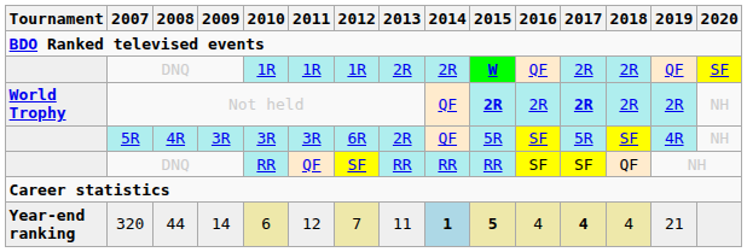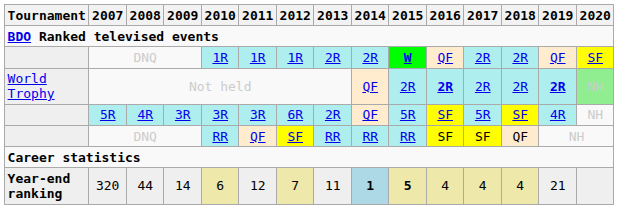 <table class="wikitable" style="width:50%; margin:0">
 <tr>
 <th>Tournament</th>
 <th>2007</th>
 <th>2008</th>
 <th>2009</th>
 <th>2010</th>
 <th>2011</th>
 <th>2012</th>
 <th>2013</th>
 <th>2014</th>
 <th>2015</th>
 <th>2016</th>
 <th>2017</th>
 <th>2018</th>
 <th>2019</th>
 <th>2020</th>
 </tr>
 <tr>
 <td colspan="31" align="left"><strong><a href='#'>BDO</a> Ranked televised events</strong></td>
 </tr>
 <tr>
 <td style="background:#efefef;"></td>
 <td colspan="3" style="text-align:center; color:#ccc;">DNQ</td>
 <td style="text-align:center; background:#afeeee;"><a href='#'>1R</a></td>
 <td style="text-align:center; background:#afeeee;"><a href='#'>1R</a></td>
 <td style="text-align:center; background:#afeeee;"><a href='#'>1R</a></td>
 <td style="text-align:center; background:#afeeee;"><a href='#'>2R</a></td>
 <td style="text-align:center; background:#afeeee;"><a href='#'>2R</a></td>
 <td style="text-align:center; background:lime;"><a href='#'><strong>W</strong></a></td>
 <td style="text-align:center; background:#ffebcd;"><a href='#'>QF</a></td>
 <td style="text-align:center; background:#afeeee;"><a href='#'>2R</a></td>
 <td style="text-align:center; background:#afeeee;"><a href='#'>2R</a></td>
 <td style="text-align:center; background:#ffebcd;"><a href='#'>QF</a></td>
 <td style="text-align:center; background:yellow;"><a href='#'>SF</a></td>
 </tr>
 <tr>
-<td style="background:#efefef;"><strong><a href='#'>World Trophy</a></strong></td>
+<td style="background:#efefef;"><a href='#'>World Trophy</a></td>
 <td colspan="7" style="text-align:center; color:#ccc;">Not held</td>
 <td style="text-align:center; background:#ffebcd;"><a href='#'>QF</a></td>
-<td style="text-align:center; background:#afeeee;"><strong><a href='#'>2R</a></strong></td>
 <td style="text-align:center; background:#afeeee;"><a href='#'>2R</a></td>
 <td style="text-align:center; background:#afeeee;"><strong><a href='#'>2R</a></strong></td>
 <td style="text-align:center; background:#afeeee;"><a href='#'>2R</a></td>
 <td style="text-align:center; background:#afeeee;"><a href='#'>2R</a></td>
-<td style="text-align:center; color:#ccc;">NH</td>
+<td style="text-align:center; background:#afeeee;"><strong><a href='#'>2R</a></strong></td>
+<td style="background: lightgreen; text-align:center; color:#ccc;">NH</td>
 </tr>
 <tr>
 <td style="background:#efefef;"></td>
 <td style="text-align:center; background:#afeeee;"><a href='#'>5R</a></td>
 <td style="text-align:center; background:#afeeee;"><a href='#'>4R</a></td>
 <td style="text-align:center; background:#afeeee;"><a href='#'>3R</a></td>
 <td style="text-align:center; background:#afeeee;"><a href='#'>3R</a></td>
 <td style="text-align:center; background:#afeeee;"><a href='#'>3R</a></td>
 <td style="text-align:center; background:#afeeee;"><a href='#'>6R</a></td>
 <td style="text-align:center; background:#afeeee;"><a href='#'>2R</a></td>
 <td style="text-align:center; background:#ffebcd;"><a href='#'>QF</a></td>
 <td style="text-align:center; background:#afeeee;"><a href='#'>5R</a></td>
 <td style="text-align:center; background:yellow;"><a href='#'>SF</a></td>
 <td style="text-align:center; background:#afeeee;"><a href='#'>5R</a></td>
 <td style="text-align:center; background:yellow;"><a href='#'>SF</a></td>
 <td style="text-align:center; background:#afeeee;"><a href='#'>4R</a></td>
 <td style="text-align:center; color:#ccc;">NH</td>
 </tr>
 <tr>
 <td style="background:#efefef;"></td>
 <td colspan="3" style="text-align:center; color:#ccc;">DNQ</td>
 <td style="text-align:center; background:#afeeee;"><a href='#'>RR</a></td>
 <td style="text-align:center; background:#ffebcd;"><a href='#'>QF</a></td>
 <td style="text-align:center; background:yellow;"><a href='#'>SF</a></td>
 <td style="text-align:center; background:#afeeee;"><a href='#'>RR</a></td>
 <td style="text-align:center; background:#afeeee;"><a href='#'>RR</a></td>
 <td style="text-align:center; background:#afeeee;"><a href='#'>RR</a></td>
 <td style="text-align:center; background:yellow;">SF</td>
 <td style="text-align:center; background:yellow;">SF</td>
 <td style="text-align:center; background:#ffebcd;">QF</td>
 <td colspan="6" style="text-align:center; color:#ccc;">NH</td>
 </tr>
 <tr>
 <td colspan="19" align="left"><strong>Career statistics</strong></td>
 </tr>
 <tr>
 </tr>
 <tr bgcolor="efefef">
 <td align="left"><strong>Year-end ranking</strong></td>
 <td style="text-align:center;">320</td>
 <td style="text-align:center;">44</td>
 <td style="text-align:center;">14</td>
 <td style="text-align:center; background:#eee8aa;">6</td>
 <td style="text-align:center;">12</td>
 <td style="text-align:center; background:#eee8aa;">7</td>
 <td style="text-align:center;">11</td>
 <td style="text-align:center; background:#add8e6;"><strong>1</strong></td>
 <td style="text-align:center; background:#eee8aa;"><strong>5</strong></td>
 <td style="text-align:center; background:#eee8aa;">4</td>
-<td style="text-align:center; background:#eee8aa;"><strong>4</strong></td>
+<td style="text-align:center; background:#eee8aa;">4</td>
 <td style="text-align:center; background:#eee8aa;">4</td>
 <td style="text-align:center;">21</td>
 <td style="text-align:center;"></td>
 </tr>
 </table>
